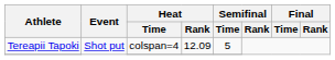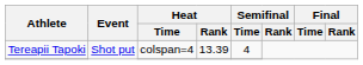 <table class=wikitable style=font-size:90%;text-align:center>
 <tr>
 <th rowspan=2>Athlete</th>
 <th rowspan=2>Event</th>
 <th colspan=2>Heat</th>
 <th colspan=2>Semifinal</th>
 <th colspan=2>Final</th>
 </tr>
 <tr style=font-size:95%>
 <th>Time</th>
 <th>Rank</th>
 <th>Time</th>
 <th>Rank</th>
 <th>Time</th>
 <th>Rank</th>
 </tr>
 <tr>
 <td align=left><a href='#'>Tereapii Tapoki</a></td>
 <td align=left rowspan=3><a href='#'>Shot put</a></td>
 <td>colspan=4 </td>
-<td>12.09</td>
-<td>5</td>
+<td>13.39</td>
+<td>4</td>
 </tr>
 <tr>
 </tr>
 </table>
